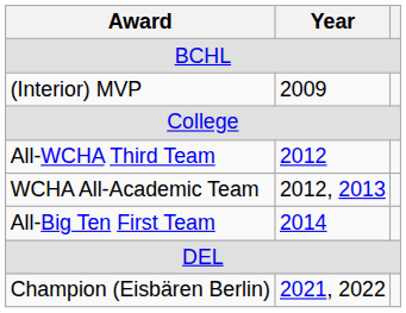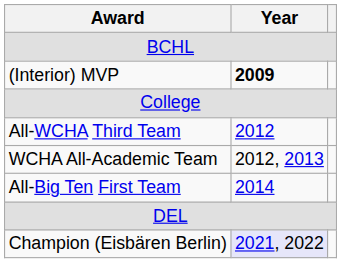 <table class="wikitable">
 <tr>
 <th>Award</th>
 <th>Year</th>
 <th></th>
 </tr>
 <tr ALIGN="center" bgcolor="#e0e0e0">
 <td colspan="3"><a href='#'>BCHL</a></td>
 </tr>
 <tr>
 <td>(Interior) MVP</td>
-<td>2009</td>
+<td><strong>2009</strong></td>
 <td></td>
 </tr>
 <tr ALIGN="center" bgcolor="#e0e0e0">
 <td colspan="3"><a href='#'>College</a></td>
 </tr>
 <tr>
 <td>All-<a href='#'>WCHA</a> <a href='#'>Third Team</a></td>
 <td><a href='#'>2012</a></td>
 <td></td>
 </tr>
 <tr>
 <td>WCHA All-Academic Team</td>
 <td>2012, <a href='#'>2013</a></td>
 <td></td>
 </tr>
 <tr>
 <td>All-<a href='#'>Big Ten</a> <a href='#'>First Team</a></td>
 <td><a href='#'>2014</a></td>
 <td></td>
 </tr>
 <tr ALIGN="center" bgcolor="#e0e0e0">
 <td colspan="3"><a href='#'>DEL</a></td>
 </tr>
 <tr>
 <td>Champion (Eisbären Berlin)</td>
-<td><a href='#'>2021</a>, 2022</td>
+<td style="background: lavender;"><a href='#'>2021</a>, 2022</td>
 <td></td>
 </tr>
 </table>
